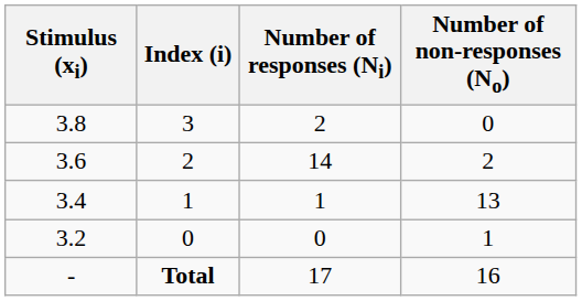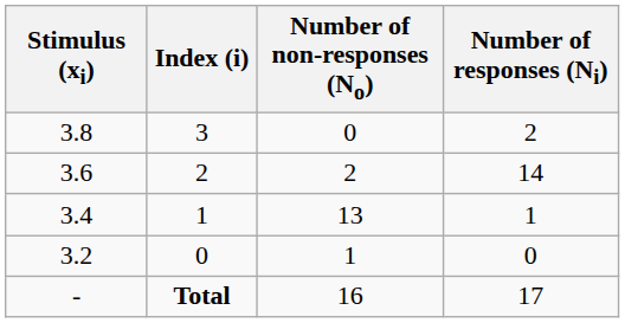 <table class="wikitable">
 <tr>
 <th style="width: 80px">Stimulus (x<sub>i</sub>)</th>
 <th style="width: 60px">Index (i)</th>
+<th style="width: 108px">Number of non-responses (N<sub>o</sub>)</th>
 <th style="width: 100px">Number of responses (N<sub>i</sub>)</th>
-<th style="width: 108px">Number of non-responses (N<sub>o</sub>)</th>
 </tr>
 <tr>
 <td style=" text-align:center">3.8</td>
 <td style=" text-align:center">3</td>
+<td style=" text-align:center">0</td>
 <td style=" text-align:center">2</td>
-<td style=" text-align:center">0</td>
 </tr>
 <tr>
 <td style=" text-align:center">3.6</td>
 <td style=" text-align:center">2</td>
+<td style=" text-align:center">2</td>
 <td style=" text-align:center">14</td>
-<td style=" text-align:center">2</td>
 </tr>
 <tr>
 <td style=" text-align:center">3.4</td>
 <td style=" text-align:center">1</td>
+<td style=" text-align:center">13</td>
 <td style=" text-align:center">1</td>
-<td style=" text-align:center">13</td>
 </tr>
 <tr>
 <td style=" text-align:center">3.2</td>
 <td style=" text-align:center">0</td>
+<td style=" text-align:center">1</td>
 <td style=" text-align:center">0</td>
-<td style=" text-align:center">1</td>
 </tr>
 <tr>
 <td style=" text-align:center">-</td>
 <td style=" text-align:center"><strong>Total</strong></td>
+<td style=" text-align:center">16</td>
 <td style=" text-align:center">17</td>
-<td style=" text-align:center">16</td>
 </tr>
 </table>
